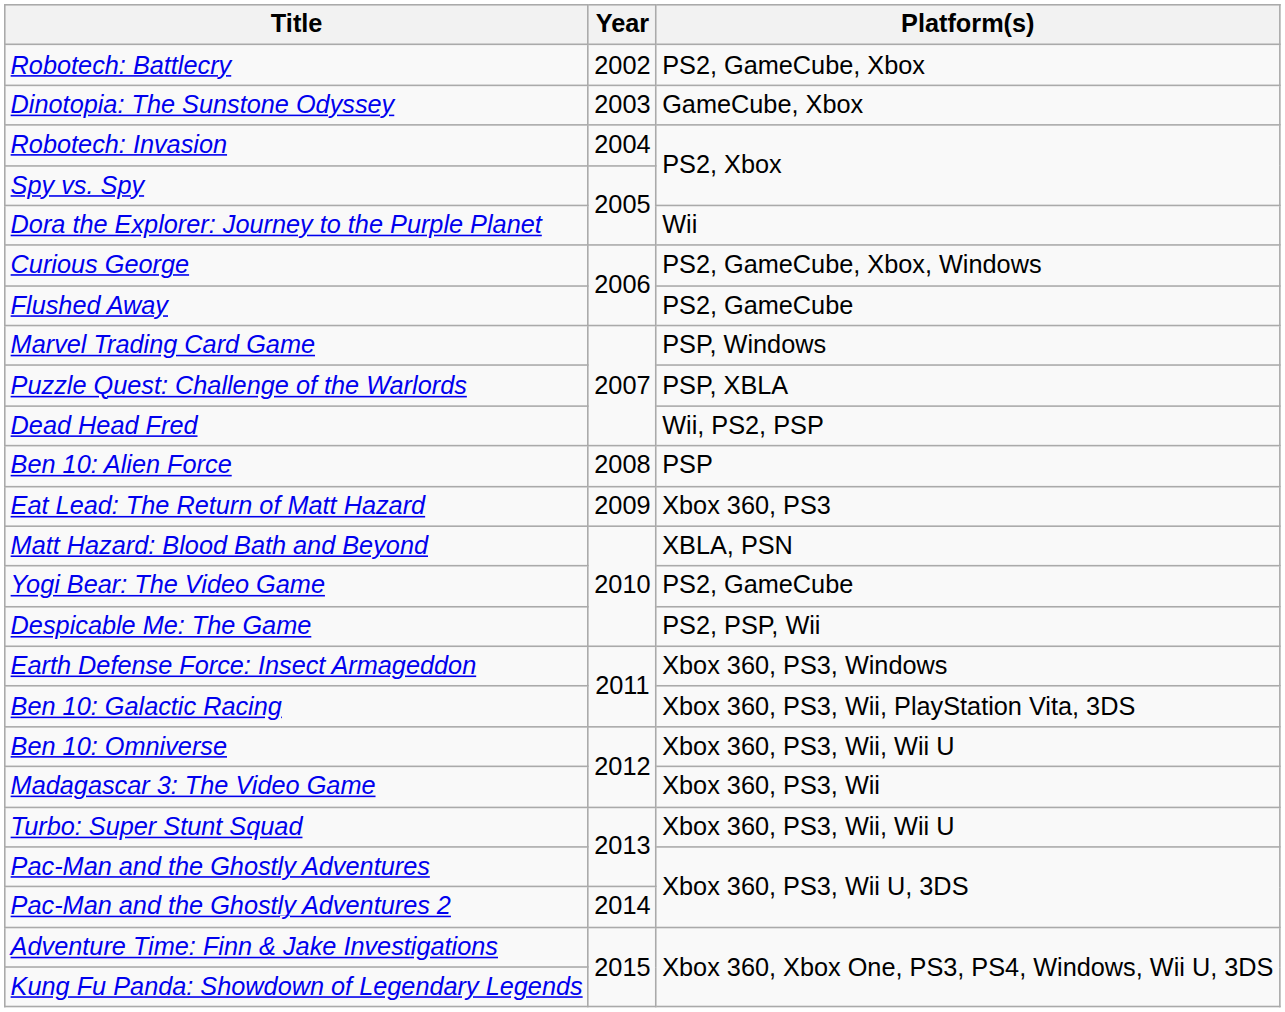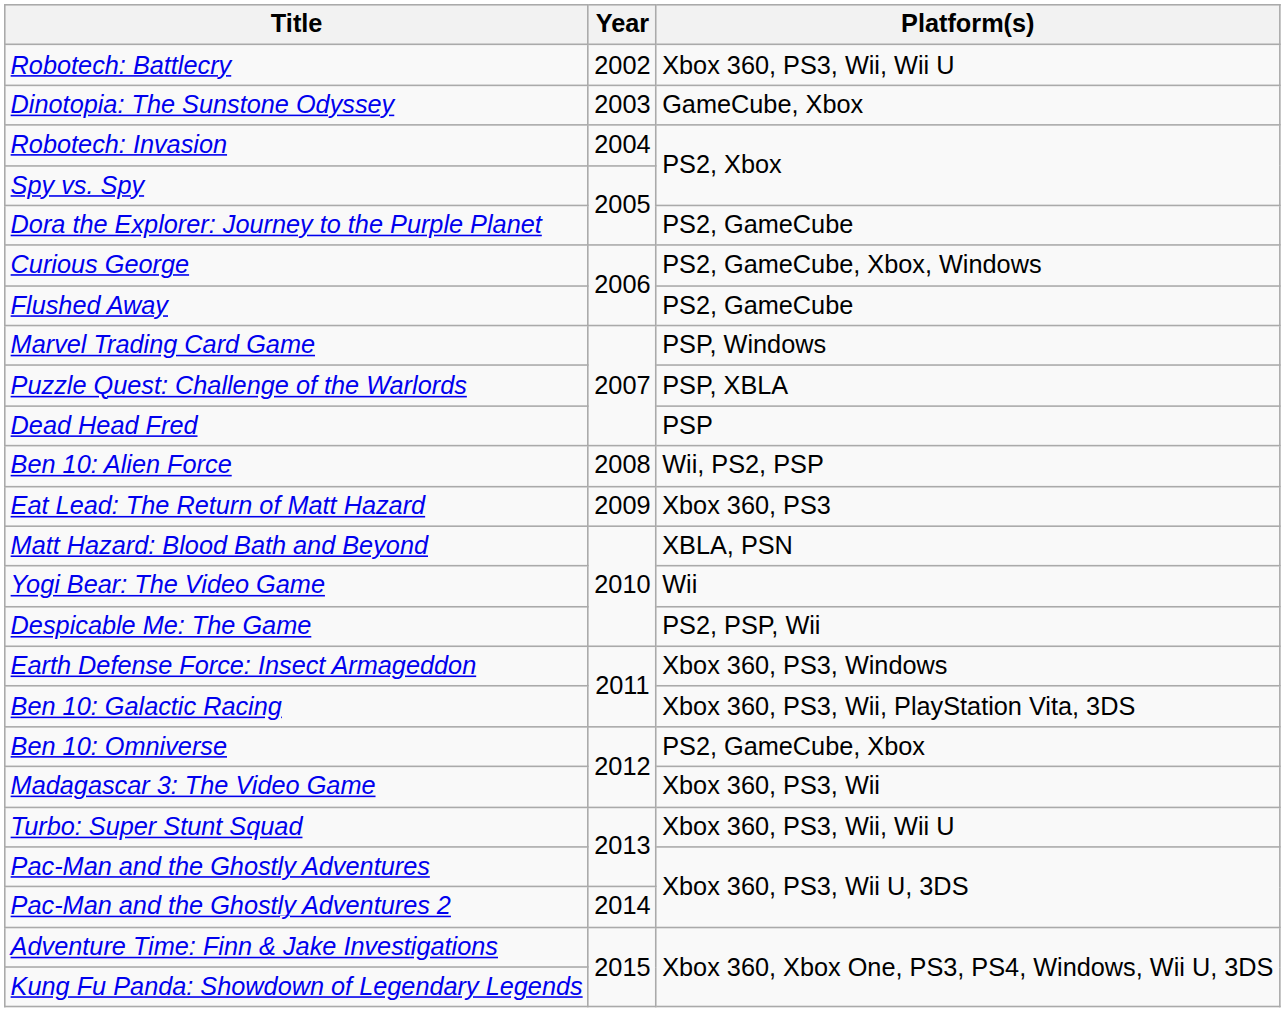 <table class="wikitable sortable">
 <tr>
 <th>Title</th>
 <th>Year</th>
 <th class="unsortable">Platform(s)</th>
 </tr>
 <tr>
 <td><em><a href='#'>Robotech: Battlecry</a></em></td>
 <td style="text-align:center">2002</td>
-<td>PS2, GameCube, Xbox</td>
+<td>Xbox 360, PS3, Wii, Wii U</td>
 </tr>
 <tr>
 <td><em><a href='#'>Dinotopia: The Sunstone Odyssey</a></em></td>
 <td style="text-align:center">2003</td>
 <td>GameCube, Xbox</td>
 </tr>
 <tr>
 <td><em><a href='#'>Robotech: Invasion</a></em></td>
 <td style="text-align:center">2004</td>
 <td rowspan="2">PS2, Xbox</td>
 </tr>
 <tr>
 <td><em><a href='#'>Spy vs. Spy</a></em></td>
 <td rowspan="2" style="text-align:center">2005</td>
 </tr>
 <tr>
 <td><em><a href='#'>Dora the Explorer: Journey to the Purple Planet</a></em></td>
-<td>Wii</td>
+<td>PS2, GameCube</td>
 </tr>
 <tr>
 <td><em><a href='#'>Curious George</a></em></td>
 <td rowspan="2" style="text-align:center">2006</td>
 <td>PS2, GameCube, Xbox, Windows</td>
 </tr>
 <tr>
 <td><em><a href='#'>Flushed Away</a></em></td>
 <td>PS2, GameCube</td>
 </tr>
 <tr>
 <td><em><a href='#'>Marvel Trading Card Game</a></em></td>
 <td rowspan="3" style="text-align:center">2007</td>
 <td>PSP, Windows</td>
 </tr>
 <tr>
 <td><em><a href='#'>Puzzle Quest: Challenge of the Warlords</a></em></td>
 <td>PSP, XBLA</td>
 </tr>
 <tr>
 <td><em><a href='#'>Dead Head Fred</a></em></td>
-<td>Wii, PS2, PSP</td>
+<td>PSP</td>
 </tr>
 <tr>
 <td><em><a href='#'>Ben 10: Alien Force</a></em></td>
 <td style="text-align:center">2008</td>
-<td>PSP</td>
+<td>Wii, PS2, PSP</td>
 </tr>
 <tr>
 <td><em><a href='#'>Eat Lead: The Return of Matt Hazard</a></em></td>
 <td style="text-align:center">2009</td>
 <td>Xbox 360, PS3</td>
 </tr>
 <tr>
 <td><em><a href='#'>Matt Hazard: Blood Bath and Beyond</a></em></td>
 <td rowspan="3" style="text-align:center">2010</td>
 <td>XBLA, PSN</td>
 </tr>
 <tr>
 <td><em><a href='#'>Yogi Bear: The Video Game</a></em></td>
-<td>PS2, GameCube</td>
+<td>Wii</td>
 </tr>
 <tr>
 <td><em><a href='#'>Despicable Me: The Game</a></em></td>
 <td>PS2, PSP, Wii</td>
 </tr>
 <tr>
 <td><em><a href='#'>Earth Defense Force: Insect Armageddon</a></em></td>
 <td rowspan="2" style="text-align:center">2011</td>
 <td>Xbox 360, PS3, Windows</td>
 </tr>
 <tr>
 <td><em><a href='#'>Ben 10: Galactic Racing</a></em></td>
 <td>Xbox 360, PS3, Wii, PlayStation Vita, 3DS</td>
 </tr>
 <tr>
 <td><em><a href='#'>Ben 10: Omniverse</a></em></td>
 <td rowspan="2" style="text-align:center">2012</td>
-<td>Xbox 360, PS3, Wii, Wii U</td>
+<td>PS2, GameCube, Xbox</td>
 </tr>
 <tr>
 <td><em><a href='#'>Madagascar 3: The Video Game</a></em></td>
 <td>Xbox 360, PS3, Wii</td>
 </tr>
 <tr>
 <td><em><a href='#'>Turbo: Super Stunt Squad</a></em></td>
 <td rowspan="2" style="text-align:center">2013</td>
 <td>Xbox 360, PS3, Wii, Wii U</td>
 </tr>
 <tr>
 <td><em><a href='#'>Pac-Man and the Ghostly Adventures</a></em></td>
 <td rowspan="2">Xbox 360, PS3, Wii U, 3DS</td>
 </tr>
 <tr>
 <td><em><a href='#'>Pac-Man and the Ghostly Adventures 2</a></em></td>
 <td style="text-align:center">2014</td>
 </tr>
 <tr>
 <td><em><a href='#'>Adventure Time: Finn & Jake Investigations</a></em></td>
 <td rowspan="2" style="text-align:center">2015</td>
 <td rowspan="2">Xbox 360, Xbox One, PS3, PS4, Windows, Wii U, 3DS</td>
 </tr>
 <tr>
 <td><em><a href='#'>Kung Fu Panda: Showdown of Legendary Legends</a></em></td>
 </tr>
 </table>
